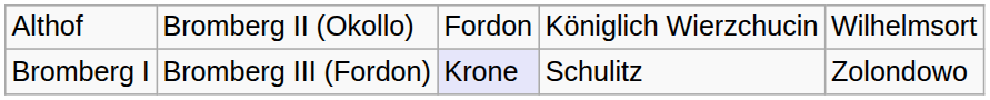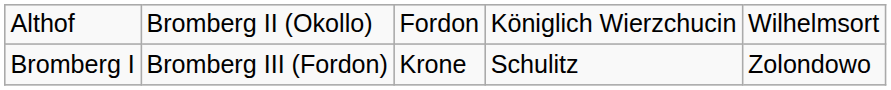 <table class="wikitable">
 <tr>
 <td>Althof</td>
 <td>Bromberg II (Okollo)</td>
 <td>Fordon</td>
 <td>Königlich Wierzchucin</td>
 <td>Wilhelmsort</td>
 </tr>
 <tr>
 <td>Bromberg I</td>
 <td>Bromberg III (Fordon)</td>
-<td style="background: lavender;">Krone</td>
+<td>Krone</td>
 <td>Schulitz</td>
 <td>Zolondowo</td>
 </tr>
 </table>
